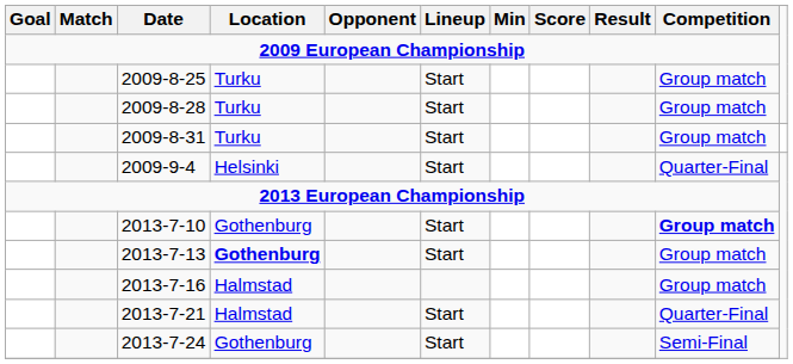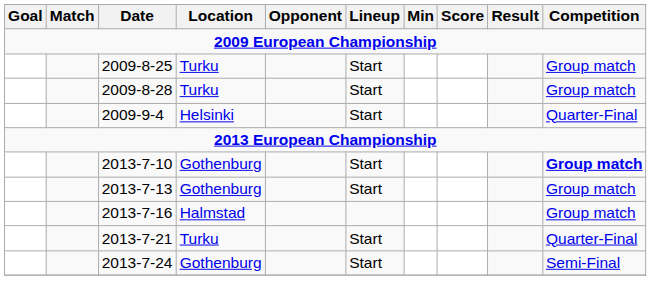 <table class="wikitable collapsible" style="fontsize:90%;">
 <tr>
 <th>Goal</th>
 <th>Match</th>
 <th>Date</th>
 <th>Location</th>
 <th>Opponent</th>
 <th>Lineup</th>
 <th>Min</th>
 <th>Score</th>
 <th>Result</th>
 <th>Competition</th>
 </tr>
 <tr>
 <td colspan=10 align=center><strong><a href='#'>2009 European Championship</a></strong></td>
 </tr>
 <tr>
 <td style="background:white;"></td>
 <td></td>
 <td>2009-8-25</td>
 <td><a href='#'>Turku</a></td>
 <td></td>
 <td>Start</td>
 <td style="background:white;"></td>
 <td style="background:white;"></td>
 <td></td>
 <td><a href='#'>Group match</a></td>
 </tr>
 <tr>
 <td style="background:white;"></td>
 <td></td>
 <td>2009-8-28</td>
 <td><a href='#'>Turku</a></td>
 <td></td>
 <td>Start</td>
 <td style="background:white;"></td>
 <td style="background:white;"></td>
 <td></td>
 <td><a href='#'>Group match</a></td>
 </tr>
 <tr>
 <td style="background:white;"></td>
 <td></td>
-<td>2009-8-31</td>
-<td><a href='#'>Turku</a></td>
-<td></td>
-<td>Start</td>
-<td style="background:white;"></td>
-<td style="background:white;"></td>
-<td></td>
-<td><a href='#'>Group match</a></td>
-<td style="background:white;"></td>
-</tr>
-<tr>
-<td style="background:white;"></td>
-<td></td>
 <td>2009-9-4</td>
 <td><a href='#'>Helsinki</a></td>
 <td></td>
 <td>Start</td>
 <td style="background:white;"></td>
 <td style="background:white;"></td>
 <td></td>
 <td><a href='#'>Quarter-Final</a></td>
 </tr>
 <tr>
 <td colspan=10 align=center><strong><a href='#'>2013 European Championship</a></strong></td>
 </tr>
 <tr>
 <td style="background:white;"></td>
 <td></td>
 <td>2013-7-10</td>
 <td><a href='#'>Gothenburg</a></td>
 <td></td>
 <td>Start</td>
 <td style="background:white;"></td>
 <td style="background:white;"></td>
 <td></td>
 <td><strong><a href='#'>Group match</a></strong></td>
 </tr>
 <tr>
 <td style="background:white;"></td>
 <td></td>
 <td>2013-7-13</td>
-<td><strong><a href='#'>Gothenburg</a></strong></td>
+<td><a href='#'>Gothenburg</a></td>
 <td></td>
 <td>Start</td>
 <td style="background:white;"></td>
 <td style="background:white;"></td>
 <td></td>
 <td><a href='#'>Group match</a></td>
 </tr>
 <tr>
 <td style="background:white;"></td>
 <td></td>
 <td>2013-7-16</td>
 <td><a href='#'>Halmstad</a></td>
 <td></td>
 <td></td>
 <td style="background:white;"></td>
 <td style="background:white;"></td>
 <td></td>
 <td><a href='#'>Group match</a></td>
 </tr>
 <tr>
 <td style="background:white;"></td>
 <td></td>
 <td>2013-7-21</td>
-<td><a href='#'>Halmstad</a></td>
+<td><a href='#'>Turku</a></td>
 <td></td>
 <td>Start</td>
 <td style="background:white;"></td>
 <td style="background:white;"></td>
 <td></td>
 <td><a href='#'>Quarter-Final</a></td>
 </tr>
 <tr>
 <td style="background:white;"></td>
 <td></td>
 <td>2013-7-24</td>
 <td><a href='#'>Gothenburg</a></td>
 <td></td>
 <td>Start</td>
 <td style="background:white;"></td>
 <td style="background:white;"></td>
 <td></td>
 <td><a href='#'>Semi-Final</a></td>
 </tr>
 <tr>
 </tr>
 </table>
